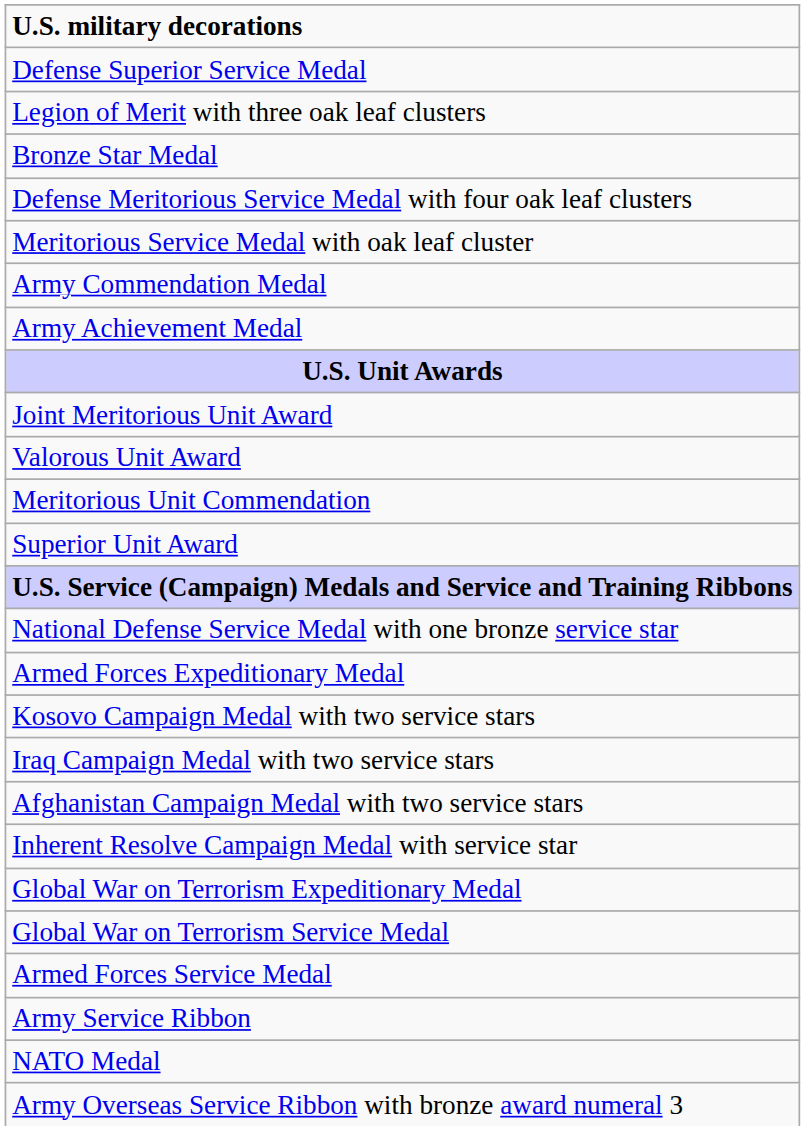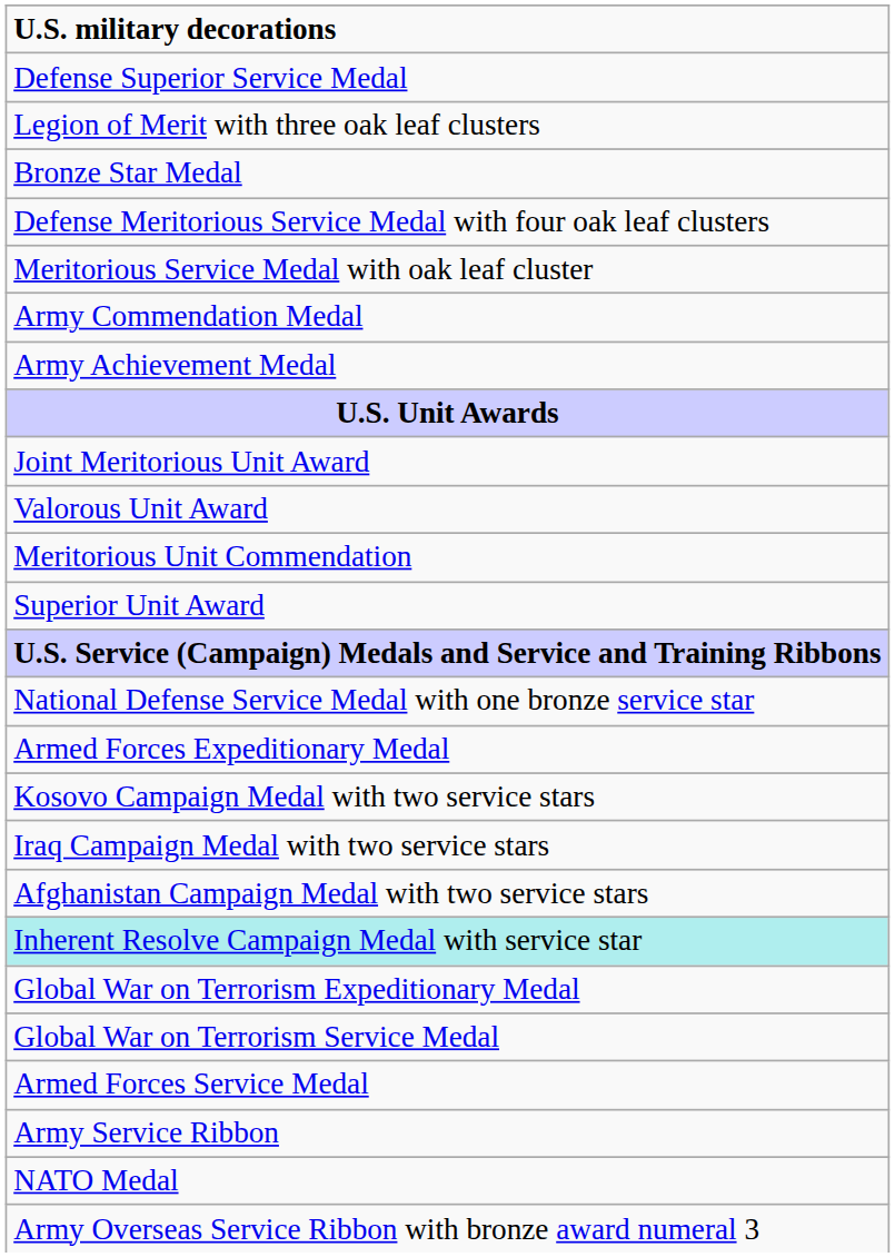 <table class="wikitable" style="margin-left: auto; margin-right: auto; border: none;">
 <tr>
 <td colspan=2><strong>U.S. military decorations</strong></td>
 </tr>
 <tr>
 <td><span></span><span></span> <a href='#'>Defense Superior Service Medal</a></td>
 </tr>
 <tr>
 <td> <a href='#'>Legion of Merit</a> with three oak leaf clusters</td>
 </tr>
 <tr>
 <td> <a href='#'>Bronze Star Medal</a></td>
 </tr>
 <tr>
 <td><span></span><span></span><span></span><span></span> <a href='#'>Defense Meritorious Service Medal</a> with four oak leaf clusters</td>
 </tr>
 <tr>
 <td><span></span><span></span> <a href='#'>Meritorious Service Medal</a> with oak leaf cluster</td>
 </tr>
 <tr>
 <td><span></span><span></span> <a href='#'>Army Commendation Medal</a></td>
 </tr>
 <tr>
 <td><span></span><span></span> <a href='#'>Army Achievement Medal</a></td>
 </tr>
 <tr style="background:#ccf; text-align:center;">
 <td colspan=2><strong>U.S. Unit Awards</strong></td>
 </tr>
 <tr>
 <td> <a href='#'>Joint Meritorious Unit Award</a></td>
 </tr>
 <tr>
 <td> <a href='#'>Valorous Unit Award</a></td>
 </tr>
 <tr>
 <td> <a href='#'>Meritorious Unit Commendation</a></td>
 </tr>
 <tr>
 <td> <a href='#'>Superior Unit Award</a></td>
 </tr>
 <tr style="background:#ccf; text-align:center;">
 <td colspan=2><strong>U.S. Service (Campaign) Medals and Service and Training Ribbons</strong></td>
 </tr>
 <tr>
 <td> <a href='#'>National Defense Service Medal</a> with one bronze <a href='#'>service star</a></td>
 </tr>
 <tr>
 <td> <a href='#'>Armed Forces Expeditionary Medal</a></td>
 </tr>
 <tr>
 <td> <a href='#'>Kosovo Campaign Medal</a> with two service stars</td>
 </tr>
 <tr>
 <td> <a href='#'>Iraq Campaign Medal</a> with two service stars</td>
 </tr>
 <tr>
 <td> <a href='#'>Afghanistan Campaign Medal</a> with two service stars</td>
 </tr>
 <tr>
-<td> <a href='#'>Inherent Resolve Campaign Medal</a> with service star</td>
+<td style="background: paleturquoise;"> <a href='#'>Inherent Resolve Campaign Medal</a> with service star</td>
 </tr>
 <tr>
 <td> <a href='#'>Global War on Terrorism Expeditionary Medal</a></td>
 </tr>
 <tr>
 <td> <a href='#'>Global War on Terrorism Service Medal</a></td>
 </tr>
 <tr>
 <td> <a href='#'>Armed Forces Service Medal</a></td>
 </tr>
 <tr>
 <td> <a href='#'>Army Service Ribbon</a></td>
 </tr>
 <tr>
 <td> <a href='#'>NATO Medal</a></td>
 </tr>
 <tr>
 <td><span></span> <a href='#'>Army Overseas Service Ribbon</a> with bronze <a href='#'>award numeral</a> 3</td>
 </tr>
 <tr style="background:#ccf; text-align:center;">
 </tr>
 <tr>
 </tr>
 </table>
